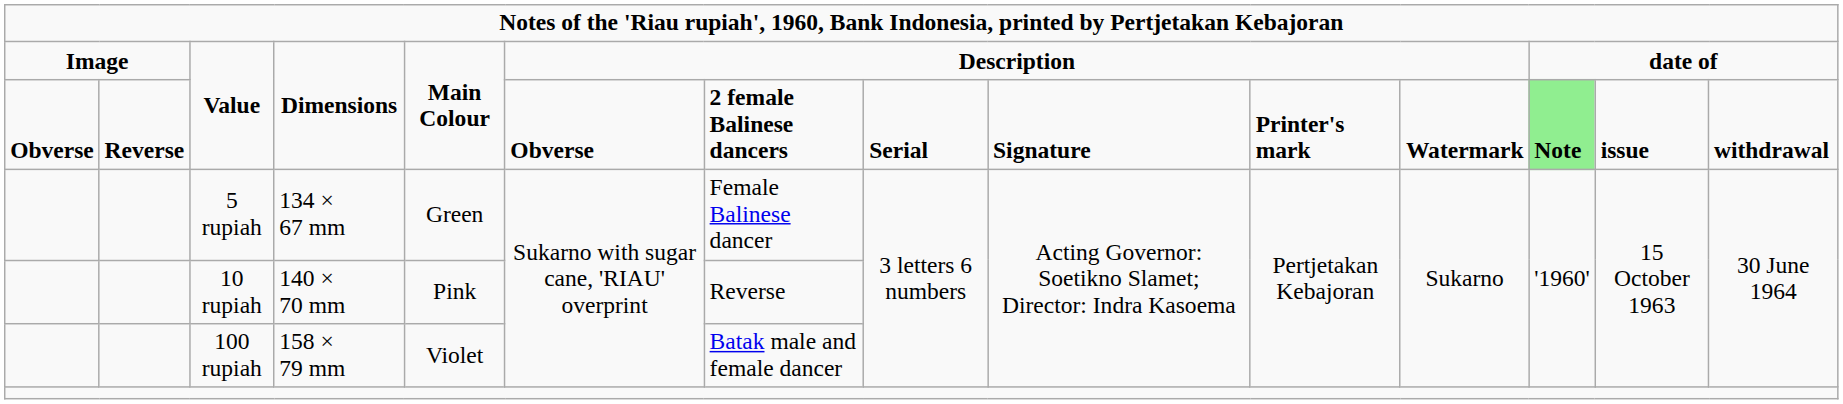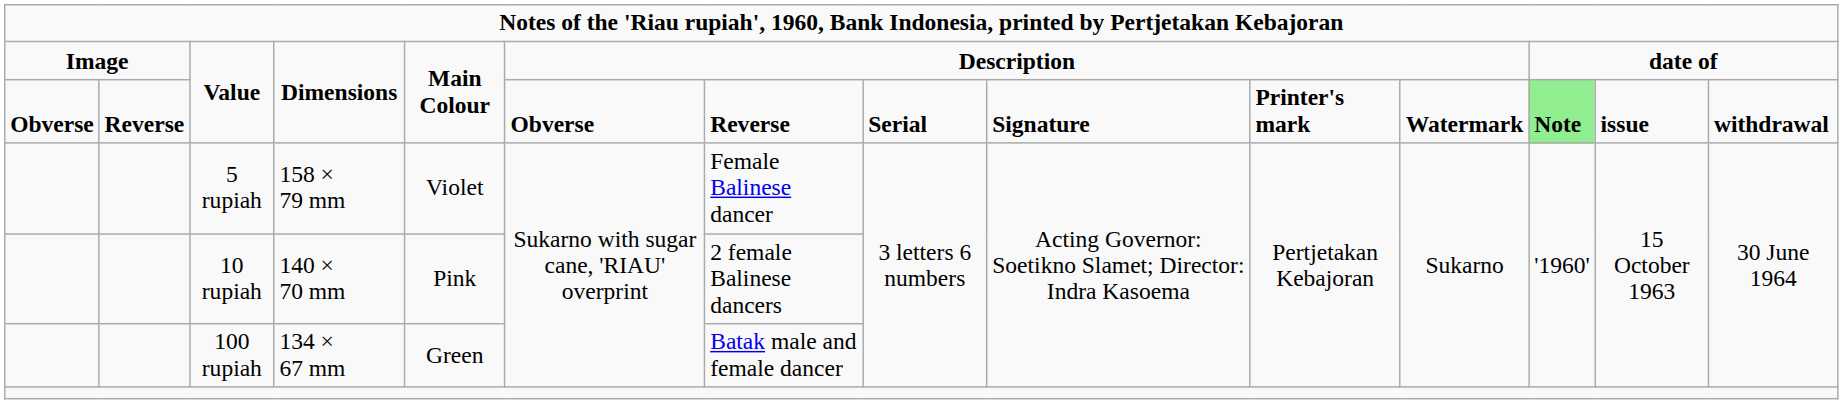 <table class="wikitable" >
 <tr style="text-align:center; font-weight:bold; vertical-align:bottom;">
 <td colspan="14">Notes of the 'Riau rupiah', 1960, Bank Indonesia, printed by Pertjetakan Kebajoran</td>
 </tr>
 <tr style="text-align:center; font-weight:bold;">
 <td colspan="2"  style="vertical-align:bottom;">Image</td>
 <td rowspan="2">Value</td>
 <td rowspan="2">Dimensions</td>
 <td rowspan="2">Main Colour</td>
 <td colspan="6"  style="vertical-align:bottom;">Description</td>
 <td colspan="4"  style="vertical-align:bottom;">date of</td>
 </tr>
 <tr style="vertical-align:bottom; font-weight:bold;">
 <td>Obverse</td>
 <td>Reverse</td>
 <td>Obverse</td>
-<td>2 female Balinese dancers</td>
+<td>Reverse</td>
 <td>Serial</td>
 <td>Signature</td>
 <td>Printer's mark</td>
 <td>Watermark</td>
 <td style="background: lightgreen;">Note</td>
 <td>issue</td>
 <td>withdrawal</td>
 </tr>
 <tr>
 <td style="font-weight:bold; vertical-align:bottom;"></td>
 <td style="font-weight:bold; vertical-align:bottom;"></td>
 <td style="text-align:center;">5 rupiah</td>
-<td>134  × 67 mm</td>
-<td style="text-align:center;">Green</td>
+<td>158 × 79 mm</td>
+<td style="text-align:center;">Violet</td>
 <td rowspan="3" style="text-align:center;">Sukarno with sugar cane, 'RIAU' overprint</td>
 <td>Female <a href='#'>Balinese</a> dancer</td>
 <td rowspan="3" style="text-align:center;">3 letters 6 numbers</td>
 <td rowspan="3" style="text-align:center;">Acting Governor: Soetikno Slamet; Director: Indra Kasoema</td>
 <td rowspan="3" style="text-align:center;">Pertjetakan Kebajoran</td>
 <td rowspan="3" style="text-align:center;">Sukarno</td>
 <td rowspan="3" style="text-align:center;">'1960'</td>
 <td rowspan="3" style="text-align:center;">15 October 1963</td>
 <td rowspan="3" style="text-align:center;">30 June 1964</td>
 </tr>
 <tr>
 <td style="font-weight:bold; vertical-align:bottom;"></td>
 <td style="font-weight:bold; vertical-align:bottom;"></td>
 <td style="text-align:center;">10 rupiah</td>
 <td>140 × 70 mm</td>
 <td style="text-align:center;">Pink</td>
-<td>Reverse</td>
+<td>2 female Balinese dancers</td>
 </tr>
 <tr>
 <td style="font-weight:bold; vertical-align:bottom;"></td>
 <td style="font-weight:bold; vertical-align:bottom;"></td>
 <td style="text-align:center;">100 rupiah</td>
-<td>158 × 79 mm</td>
-<td style="text-align:center;">Violet</td>
+<td>134  × 67 mm</td>
+<td style="text-align:center;">Green</td>
 <td><a href='#'>Batak</a> male and female dancer</td>
 </tr>
 <tr>
 <td colspan="14"  style="text-align:center; vertical-align:bottom;"></td>
 </tr>
 </table>
